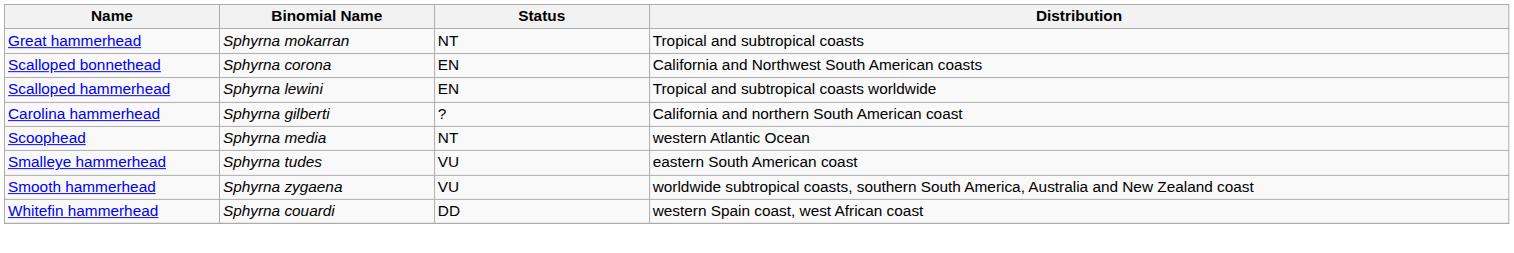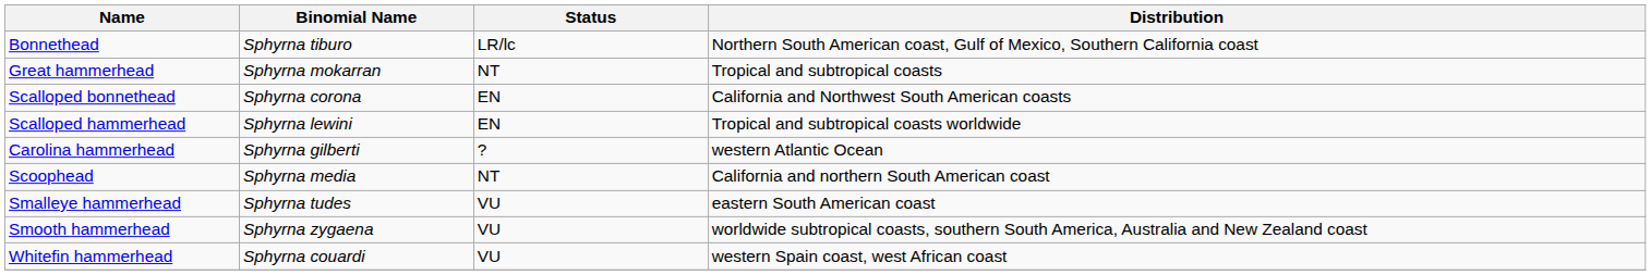 <table class="wikitable">
 <tr>
 <th width="10%">Name</th>
 <th width="10%">Binomial Name</th>
 <th width="10%">Status</th>
 <th width="40%">Distribution</th>
+</tr>
+<tr>
+<td><a href='#'>Bonnethead</a></td>
+<td><em>Sphyrna tiburo</em></td>
+<td>LR/lc</td>
+<td>Northern South American coast, Gulf of Mexico, Southern California coast</td>
 </tr>
 <tr>
 <td><a href='#'>Great hammerhead</a></td>
 <td><em>Sphyrna mokarran</em></td>
 <td>NT</td>
 <td>Tropical and subtropical coasts</td>
 </tr>
 <tr>
 <td><a href='#'>Scalloped bonnethead</a></td>
 <td><em>Sphyrna corona</em></td>
 <td>EN</td>
 <td>California and Northwest South American coasts</td>
 </tr>
 <tr>
 <td><a href='#'>Scalloped hammerhead</a></td>
 <td><em>Sphyrna lewini</em></td>
 <td>EN</td>
 <td>Tropical and subtropical coasts worldwide</td>
 </tr>
 <tr>
 <td><a href='#'>Carolina hammerhead</a></td>
 <td><em>Sphyrna gilberti</em></td>
 <td>?</td>
-<td>California and northern South American coast</td>
+<td>western Atlantic Ocean</td>
 </tr>
 <tr>
 <td><a href='#'>Scoophead</a></td>
 <td><em>Sphyrna media</em></td>
 <td>NT</td>
-<td>western Atlantic Ocean</td>
+<td>California and northern South American coast</td>
 </tr>
 <tr>
 <td><a href='#'>Smalleye hammerhead</a></td>
 <td><em>Sphyrna tudes</em></td>
 <td>VU</td>
 <td>eastern South American coast</td>
 </tr>
 <tr>
 <td><a href='#'>Smooth hammerhead</a></td>
 <td><em>Sphyrna zygaena</em></td>
 <td>VU</td>
 <td>worldwide subtropical coasts, southern South America, Australia and New Zealand coast</td>
 </tr>
 <tr>
 <td><a href='#'>Whitefin hammerhead</a></td>
 <td><em>Sphyrna couardi</em></td>
-<td>DD</td>
+<td>VU</td>
 <td>western Spain coast, west African coast</td>
 </tr>
 <tr>
 </tr>
 </table>
